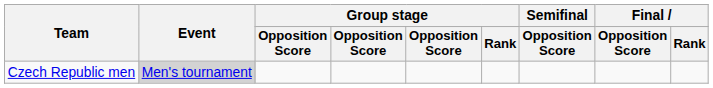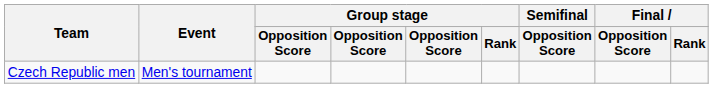 <table class="wikitable" style="font-size:90%">
 <tr>
 <th rowspan="2">Team</th>
 <th rowspan="2">Event</th>
 <th colspan="4">Group stage</th>
 <th>Semifinal</th>
 <th colspan="2">Final / </th>
 </tr>
 <tr style="font-size:95%">
 <th>Opposition<br>Score</th>
 <th>Opposition<br>Score</th>
 <th>Opposition<br>Score</th>
 <th>Rank</th>
 <th>Opposition<br>Score</th>
 <th>Opposition<br>Score</th>
 <th>Rank</th>
 </tr>
 <tr align="center">
 <td align="left"><a href='#'>Czech Republic men</a></td>
-<td align="left" style="background: lightgrey;"><a href='#'>Men's tournament</a></td>
+<td align="left"><a href='#'>Men's tournament</a></td>
 <td></td>
 <td></td>
 <td></td>
 <td></td>
 <td></td>
 <td></td>
 <td></td>
 </tr>
 </table>
